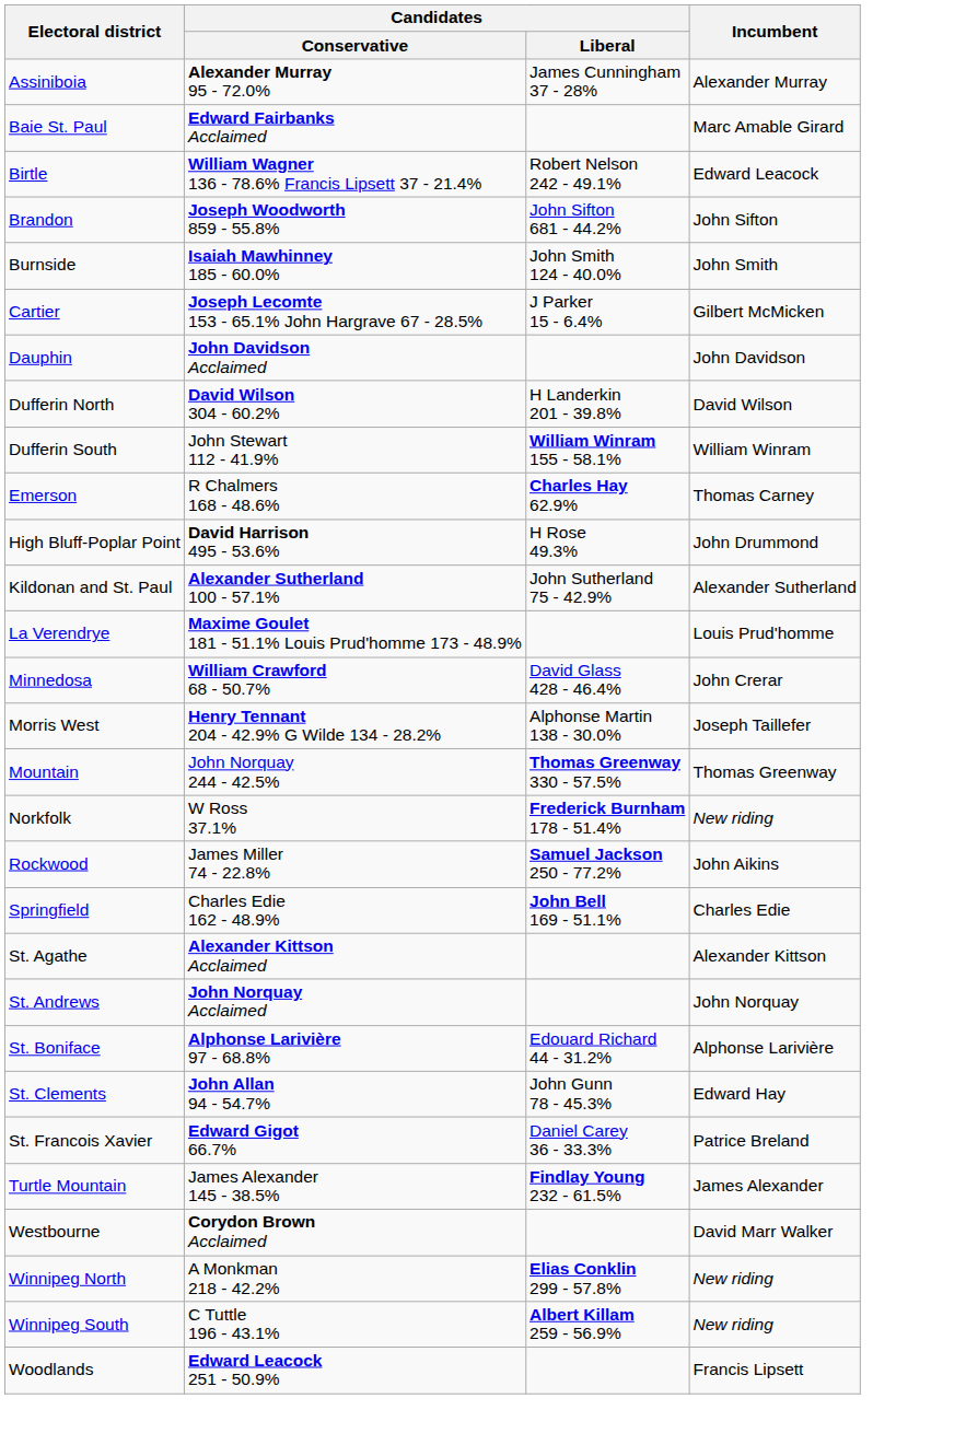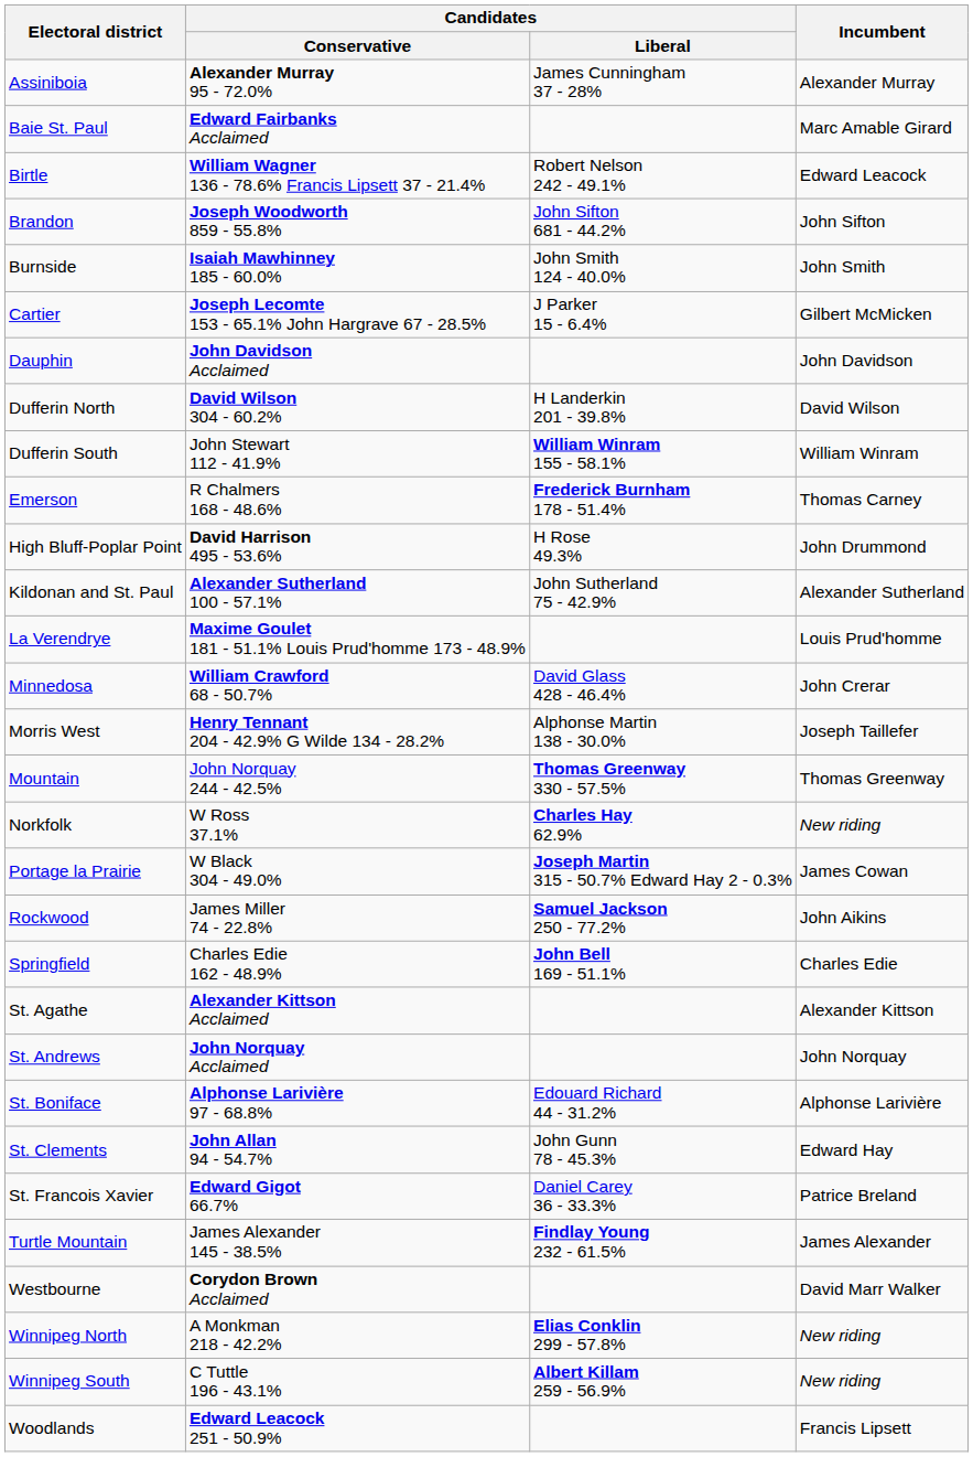 <table class="wikitable">
 <tr>
 <th rowspan="2">Electoral district</th>
 <th colspan="2">Candidates</th>
 <th rowspan="2">Incumbent</th>
 </tr>
 <tr>
 <th>Conservative</th>
 <th>Liberal</th>
 </tr>
 <tr>
 <td><a href='#'>Assiniboia</a></td>
 <td><strong>Alexander Murray</strong><br>95 - 72.0%</td>
 <td>James Cunningham<br>37 - 28%</td>
 <td>Alexander Murray</td>
 </tr>
 <tr>
 <td><a href='#'>Baie St. Paul</a></td>
 <td><strong><a href='#'>Edward Fairbanks</a></strong><br><em>Acclaimed</em></td>
 <td></td>
 <td>Marc Amable Girard</td>
 </tr>
 <tr>
 <td><a href='#'>Birtle</a></td>
 <td><strong><a href='#'>William Wagner</a></strong><br>136 - 78.6% <a href='#'>Francis Lipsett</a> 37 - 21.4%</td>
 <td>Robert Nelson<br>242 - 49.1%</td>
 <td>Edward Leacock</td>
 </tr>
 <tr>
 <td><a href='#'>Brandon</a></td>
 <td><strong><a href='#'>Joseph Woodworth</a></strong><br>859 - 55.8%</td>
 <td><a href='#'>John Sifton</a><br>681 - 44.2%</td>
 <td>John Sifton</td>
 </tr>
 <tr>
 <td>Burnside</td>
 <td><strong><a href='#'>Isaiah Mawhinney</a></strong><br>185 - 60.0%</td>
 <td>John Smith<br>124 - 40.0%</td>
 <td>John Smith</td>
 </tr>
 <tr>
 <td><a href='#'>Cartier</a></td>
 <td><strong><a href='#'>Joseph Lecomte</a></strong><br>153 - 65.1% John Hargrave 67 - 28.5%</td>
 <td>J Parker<br>15 - 6.4%</td>
 <td>Gilbert McMicken</td>
 </tr>
 <tr>
 <td><a href='#'>Dauphin</a></td>
 <td><a href='#'><strong>John Davidson</strong></a><br><em>Acclaimed</em></td>
 <td></td>
 <td>John Davidson</td>
 </tr>
 <tr>
 <td>Dufferin North</td>
 <td><a href='#'><strong>David Wilson</strong></a><br>304 - 60.2%</td>
 <td>H Landerkin<br>201 - 39.8%</td>
 <td>David Wilson</td>
 </tr>
 <tr>
 <td>Dufferin South</td>
 <td>John Stewart<br>112 - 41.9%</td>
 <td><strong><a href='#'>William Winram</a></strong><br>155 - 58.1%</td>
 <td>William Winram</td>
 </tr>
 <tr>
 <td><a href='#'>Emerson</a></td>
 <td>R Chalmers<br>168 - 48.6%</td>
-<td><strong><a href='#'>Charles Hay</a></strong><br>62.9%</td>
+<td><strong><a href='#'>Frederick Burnham</a></strong><br>178 - 51.4%</td>
 <td>Thomas Carney</td>
 </tr>
 <tr>
 <td>High Bluff-Poplar Point</td>
 <td><strong>David Harrison</strong><br>495 - 53.6%</td>
 <td>H Rose<br>49.3%</td>
 <td>John Drummond</td>
 </tr>
 <tr>
 <td>Kildonan and St. Paul</td>
 <td><strong><a href='#'>Alexander Sutherland</a></strong><br>100 - 57.1%</td>
 <td>John Sutherland<br>75 - 42.9%</td>
 <td>Alexander Sutherland</td>
 </tr>
 <tr>
 <td><a href='#'>La Verendrye</a></td>
 <td><strong><a href='#'>Maxime Goulet</a></strong><br>181 - 51.1% Louis Prud'homme 173 - 48.9%</td>
 <td></td>
 <td>Louis Prud'homme</td>
 </tr>
 <tr>
 <td><a href='#'>Minnedosa</a></td>
 <td><strong><a href='#'>William Crawford</a></strong><br>68 - 50.7%</td>
 <td><a href='#'>David Glass</a><br>428 - 46.4%</td>
 <td>John Crerar</td>
 </tr>
 <tr>
 <td>Morris West</td>
 <td><strong><a href='#'>Henry Tennant</a></strong><br>204 - 42.9% G Wilde 134 - 28.2%</td>
 <td>Alphonse Martin<br>138 - 30.0%</td>
 <td>Joseph Taillefer</td>
 </tr>
 <tr>
 <td><a href='#'>Mountain</a></td>
 <td><a href='#'>John Norquay</a><br>244 - 42.5%</td>
 <td><strong><a href='#'>Thomas Greenway</a></strong><br>330 - 57.5%</td>
 <td>Thomas Greenway</td>
 </tr>
 <tr>
 <td>Norkfolk</td>
 <td>W Ross<br>37.1%</td>
-<td><strong><a href='#'>Frederick Burnham</a></strong><br>178 - 51.4%</td>
+<td><strong><a href='#'>Charles Hay</a></strong><br>62.9%</td>
 <td><em>New riding</em></td>
+</tr>
+<tr>
+<td><a href='#'>Portage la Prairie</a></td>
+<td>W Black<br>304 - 49.0%</td>
+<td><strong><a href='#'>Joseph Martin</a></strong><br>315 - 50.7% Edward Hay 2 - 0.3%</td>
+<td>James Cowan</td>
 </tr>
 <tr>
 <td><a href='#'>Rockwood</a></td>
 <td>James Miller<br>74 - 22.8%</td>
 <td><a href='#'><strong>Samuel Jackson</strong></a><br>250 - 77.2%</td>
 <td>John Aikins</td>
 </tr>
 <tr>
 <td><a href='#'>Springfield</a></td>
 <td>Charles Edie<br>162 - 48.9%</td>
 <td><a href='#'><strong>John Bell</strong></a><br>169 - 51.1%</td>
 <td>Charles Edie</td>
 </tr>
 <tr>
 <td>St. Agathe</td>
 <td><strong><a href='#'>Alexander Kittson</a></strong><br><em>Acclaimed</em></td>
 <td></td>
 <td>Alexander Kittson</td>
 </tr>
 <tr>
 <td><a href='#'>St. Andrews</a></td>
 <td><strong><a href='#'>John Norquay</a></strong><br><em>Acclaimed</em></td>
 <td></td>
 <td>John Norquay</td>
 </tr>
 <tr>
 <td><a href='#'>St. Boniface</a></td>
 <td><strong><a href='#'>Alphonse Larivière</a></strong><br>97 - 68.8%</td>
 <td><a href='#'>Edouard Richard</a><br>44 - 31.2%</td>
 <td>Alphonse Larivière</td>
 </tr>
 <tr>
 <td><a href='#'>St. Clements</a></td>
 <td><strong><a href='#'>John Allan</a></strong><br>94 - 54.7%</td>
 <td>John Gunn<br>78 - 45.3%</td>
 <td>Edward Hay</td>
 </tr>
 <tr>
 <td>St. Francois Xavier</td>
 <td><strong><a href='#'>Edward Gigot</a></strong><br>66.7%</td>
 <td><a href='#'>Daniel Carey</a><br>36 - 33.3%</td>
 <td>Patrice Breland</td>
 </tr>
 <tr>
 <td><a href='#'>Turtle Mountain</a></td>
 <td>James Alexander<br>145 - 38.5%</td>
 <td><a href='#'><strong>Findlay Young</strong></a><br>232 - 61.5%</td>
 <td>James Alexander</td>
 </tr>
 <tr>
 <td>Westbourne</td>
 <td><strong>Corydon Brown</strong><br><em>Acclaimed</em></td>
 <td></td>
 <td>David Marr Walker</td>
 </tr>
 <tr>
 <td><a href='#'>Winnipeg North</a></td>
 <td>A Monkman<br>218 - 42.2%</td>
 <td><strong><a href='#'>Elias Conklin</a></strong><br>299 - 57.8%</td>
 <td><em>New riding</em></td>
 </tr>
 <tr>
 <td><a href='#'>Winnipeg South</a></td>
 <td>C Tuttle<br>196 - 43.1%</td>
 <td><strong><a href='#'>Albert Killam</a></strong><br>259 - 56.9%</td>
 <td><em>New riding</em></td>
 </tr>
 <tr>
 <td>Woodlands</td>
 <td><strong><a href='#'>Edward Leacock</a></strong><br>251 - 50.9%</td>
 <td></td>
 <td>Francis Lipsett</td>
 </tr>
 </table>
